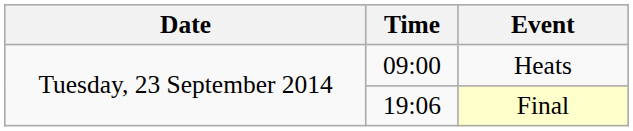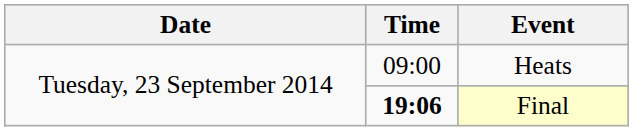 <table class = "wikitable" style="text-align:center;">
 <tr>
 <th width=220>Date</th>
 <th width=50>Time</th>
 <th width=100>Event</th>
 </tr>
 <tr>
 <td rowspan=2>Tuesday, 23 September 2014</td>
 <td>09:00</td>
 <td>Heats</td>
 </tr>
 <tr>
-<td>19:06</td>
+<td><strong>19:06</strong></td>
 <td bgcolor=ffffcc>Final</td>
 </tr>
 </table>
